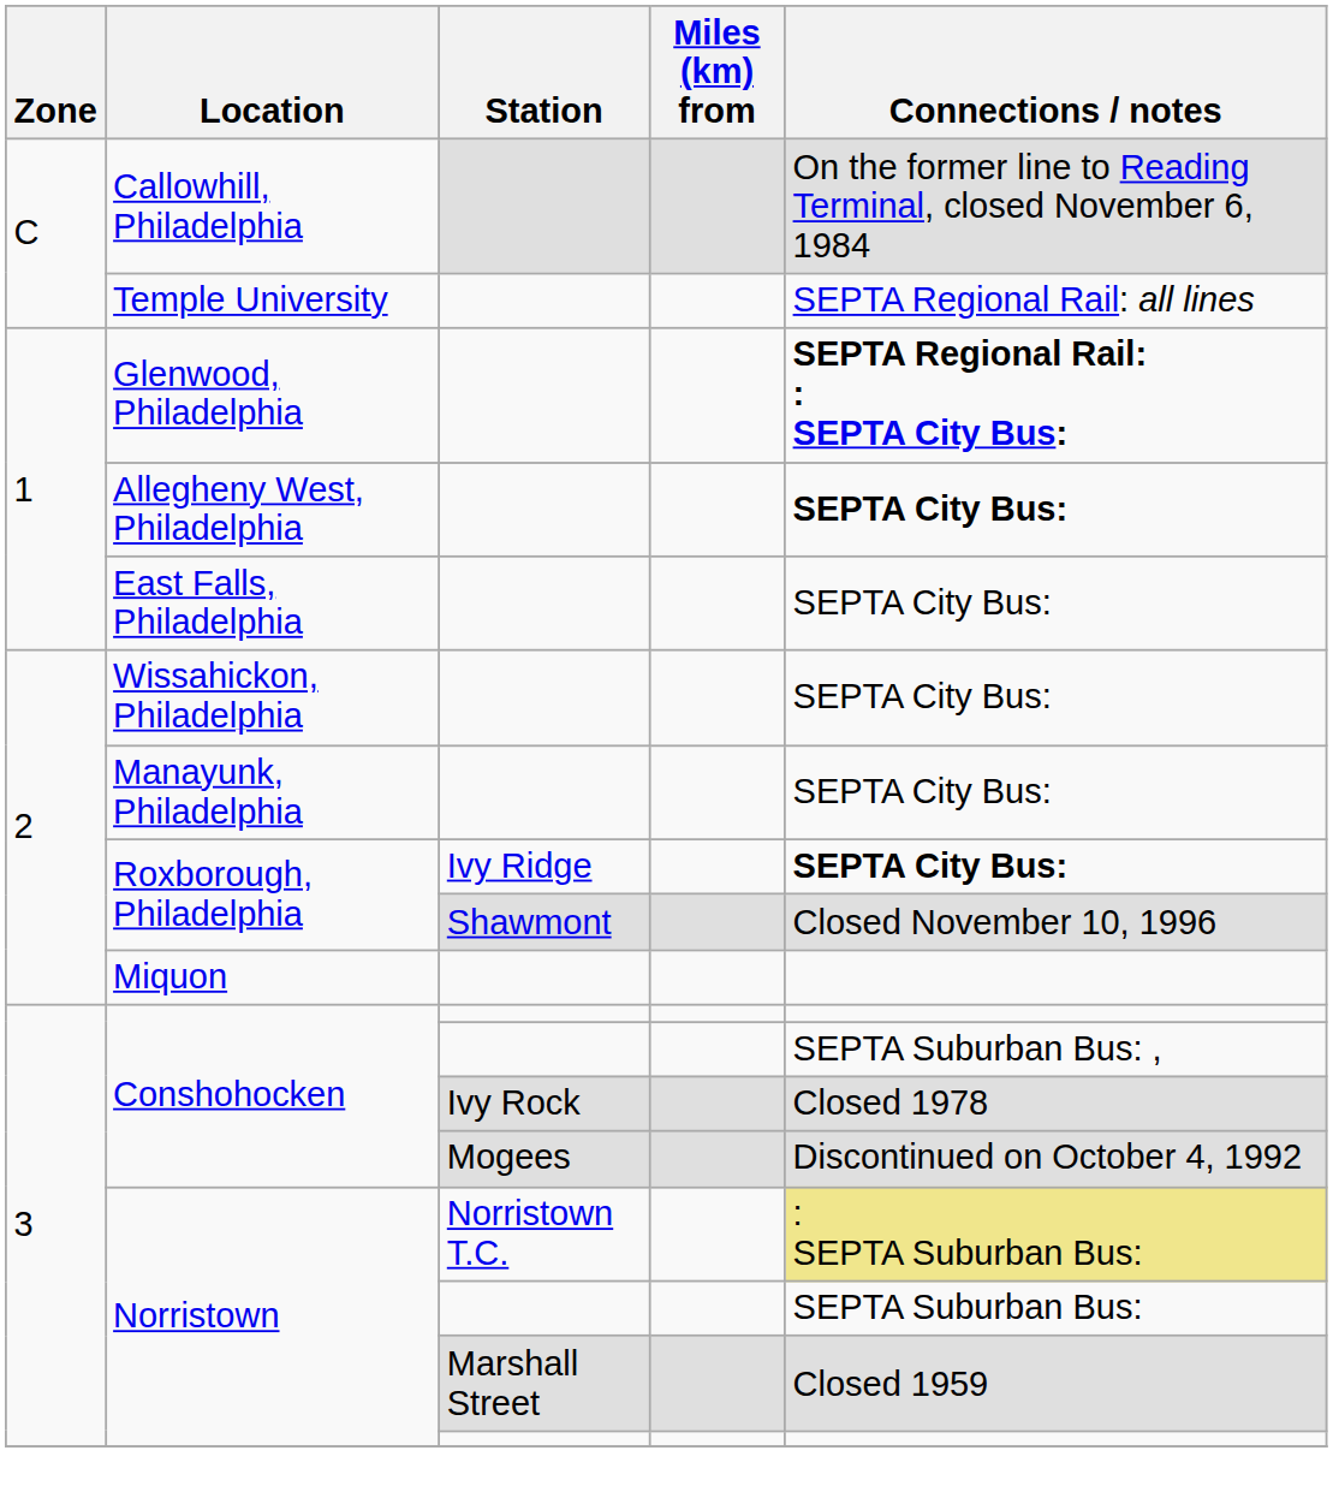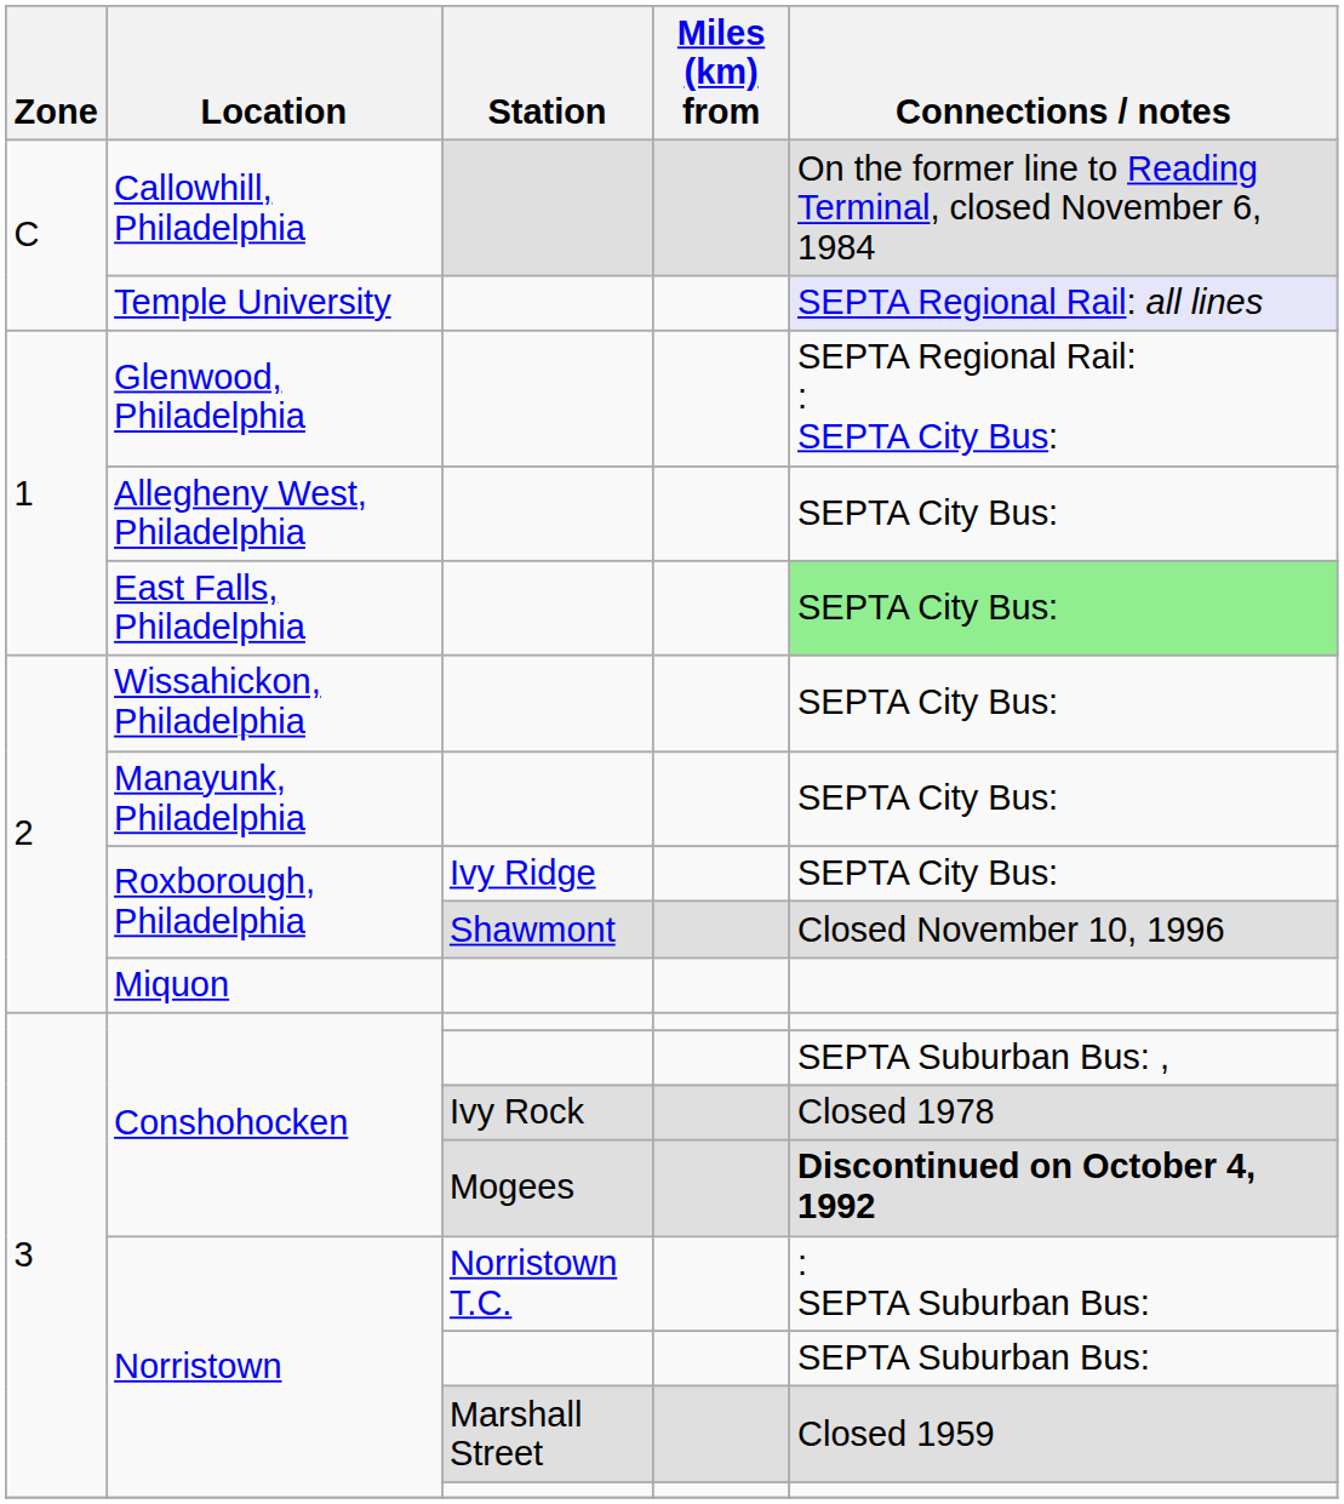 <table class="wikitable">
 <tr style="vertical-align:bottom;"|>
 <th>Zone</th>
 <th>Location</th>
 <th>Station</th>
 <th><a href='#'>Miles (km)</a><br>from<br></th>
 <th class="nowrap">Connections / notes</th>
 </tr>
 <tr>
 <td rowspan=2>C</td>
 <td><a href='#'>Callowhill, Philadelphia</a></td>
 <td bgcolor=dfdfdf></td>
 <td bgcolor=dfdfdf></td>
 <td bgcolor=dfdfdf>On the former line to <a href='#'>Reading Terminal</a>, closed November 6, 1984</td>
 </tr>
 <tr>
 <td><a href='#'>Temple University</a></td>
 <td> </td>
 <td></td>
-<td> <a href='#'>SEPTA Regional Rail</a>: <em>all lines</em></td>
+<td style="background: lavender;"> <a href='#'>SEPTA Regional Rail</a>: <em>all lines</em></td>
 </tr>
 <tr>
 <td rowspan=3>1</td>
 <td><a href='#'>Glenwood, Philadelphia</a></td>
 <td> </td>
 <td></td>
-<td><strong> SEPTA Regional Rail: <br>: <br> <a href='#'>SEPTA City Bus</a>: </strong></td>
+<td> SEPTA Regional Rail: <br>: <br> <a href='#'>SEPTA City Bus</a>: </td>
 </tr>
 <tr>
 <td><a href='#'>Allegheny West, Philadelphia</a></td>
 <td></td>
 <td></td>
-<td><strong> SEPTA City Bus: </strong></td>
+<td> SEPTA City Bus: </td>
 </tr>
 <tr>
 <td><a href='#'>East Falls, Philadelphia</a></td>
 <td></td>
 <td></td>
-<td> SEPTA City Bus: </td>
+<td style="background: lightgreen;"> SEPTA City Bus: </td>
 </tr>
 <tr>
 <td rowspan=5>2</td>
 <td><a href='#'>Wissahickon, Philadelphia</a></td>
 <td></td>
 <td></td>
 <td> SEPTA City Bus: </td>
 </tr>
 <tr>
 <td><a href='#'>Manayunk, Philadelphia</a></td>
 <td></td>
 <td></td>
 <td> SEPTA City Bus: </td>
 </tr>
 <tr>
 <td rowspan="2"><a href='#'>Roxborough, Philadelphia</a></td>
 <td><a href='#'>Ivy Ridge</a></td>
 <td></td>
-<td><strong> SEPTA City Bus: </strong></td>
+<td> SEPTA City Bus: </td>
 </tr>
 <tr bgcolor=dfdfdf>
 <td><a href='#'>Shawmont</a></td>
 <td></td>
 <td>Closed November 10, 1996</td>
 </tr>
 <tr>
 <td><a href='#'>Miquon</a></td>
 <td></td>
 <td></td>
 <td></td>
 </tr>
 <tr>
 <td rowspan=8>3</td>
 <td rowspan=4><a href='#'>Conshohocken</a></td>
 <td> </td>
 <td></td>
 <td></td>
 </tr>
 <tr>
 <td> </td>
 <td></td>
 <td> SEPTA Suburban Bus: , </td>
 </tr>
 <tr bgcolor=dfdfdf>
 <td>Ivy Rock</td>
 <td></td>
 <td>Closed 1978</td>
 </tr>
 <tr bgcolor=dfdfdf>
 <td>Mogees</td>
 <td></td>
-<td>Discontinued on October 4, 1992</td>
+<td><strong>Discontinued on October 4, 1992</strong></td>
 </tr>
 <tr>
 <td rowspan=4><a href='#'>Norristown</a></td>
 <td><a href='#'>Norristown T.C.</a></td>
 <td></td>
-<td style="background: khaki;">: <br> SEPTA Suburban Bus: </td>
+<td>: <br> SEPTA Suburban Bus: </td>
 </tr>
 <tr>
 <td></td>
 <td></td>
 <td> SEPTA Suburban Bus: </td>
 </tr>
 <tr bgcolor=dfdfdf>
 <td>Marshall Street</td>
 <td></td>
 <td>Closed 1959</td>
 </tr>
 <tr>
 <td> </td>
 <td></td>
 <td></td>
 </tr>
 <tr>
 </tr>
 </table>
